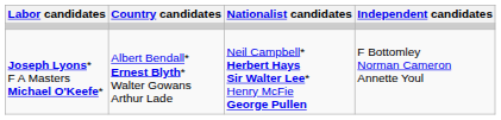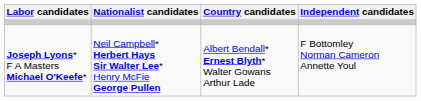 <table class="wikitable">
 <tr>
 <th><a href='#'>Labor</a> candidates</th>
+<th><a href='#'>Nationalist</a> candidates</th>
 <th><a href='#'>Country</a> candidates</th>
-<th><a href='#'>Nationalist</a> candidates</th>
 <th><a href='#'>Independent</a> candidates</th>
 </tr>
 <tr bgcolor="#cccccc">
 <td></td>
 <td></td>
 <td></td>
 <td></td>
 </tr>
 <tr>
 <td><br><strong><a href='#'>Joseph Lyons</a></strong>*<br> F A Masters<br> <strong><a href='#'>Michael O'Keefe</a></strong>*</td>
+<td><br><a href='#'>Neil Campbell</a>*<br> <strong><a href='#'>Herbert Hays</a></strong><br> <strong><a href='#'>Sir Walter Lee</a></strong>*<br> <a href='#'>Henry McFie</a><br> <strong><a href='#'>George Pullen</a></strong></td>
 <td><br><a href='#'>Albert Bendall</a>*<br> <strong><a href='#'>Ernest Blyth</a></strong>*<br> Walter Gowans<br> Arthur Lade</td>
-<td><br><a href='#'>Neil Campbell</a>*<br> <strong><a href='#'>Herbert Hays</a></strong><br> <strong><a href='#'>Sir Walter Lee</a></strong>*<br> <a href='#'>Henry McFie</a><br> <strong><a href='#'>George Pullen</a></strong></td>
 <td valign=top><br>F Bottomley<br> <a href='#'>Norman Cameron</a><br> Annette Youl</td>
 </tr>
 </table>
